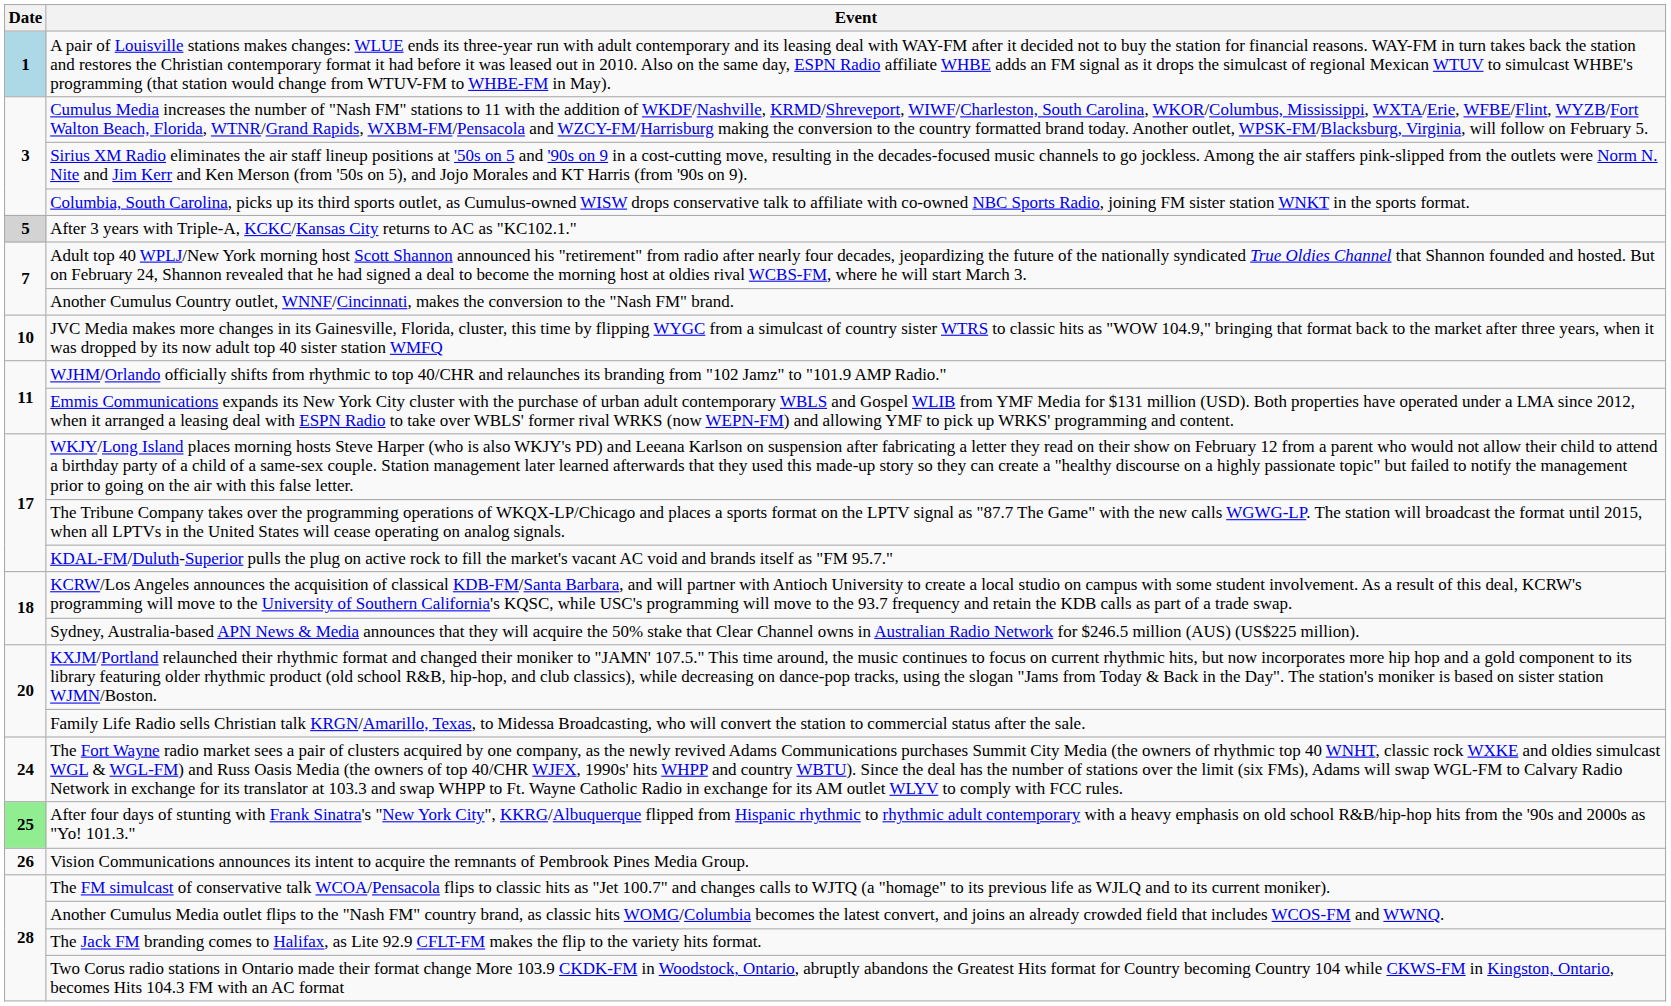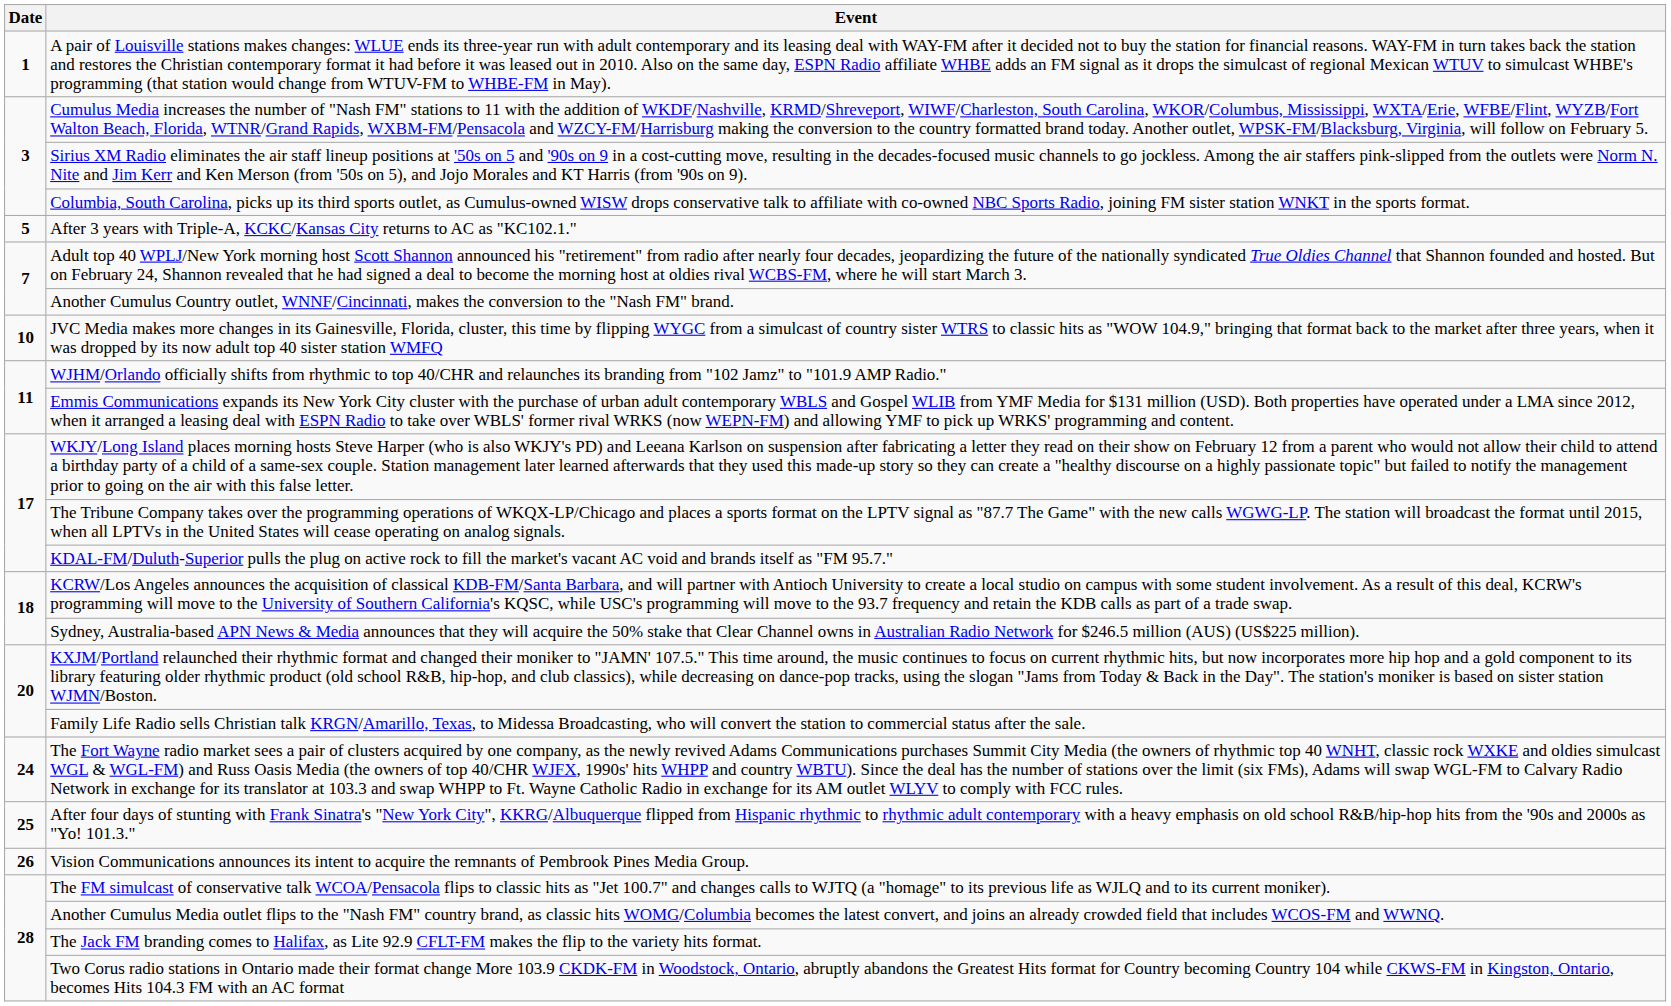 <table class="wikitable">
 <tr>
 <th>Date</th>
 <th>Event</th>
 </tr>
 <tr>
-<td style="background: lightblue; text-align:center;"><strong>1</strong></td>
+<td style="text-align:center;"><strong>1</strong></td>
 <td>A pair of <a href='#'>Louisville</a> stations makes changes: <a href='#'>WLUE</a> ends its three-year run with adult contemporary and its leasing deal with WAY-FM after it decided not to buy the station for financial reasons. WAY-FM in turn takes back the station and restores the Christian contemporary format it had before it was leased out in 2010. Also on the same day, <a href='#'>ESPN Radio</a> affiliate <a href='#'>WHBE</a> adds an FM signal as it drops the simulcast of regional Mexican <a href='#'>WTUV</a> to simulcast WHBE's programming (that station would change from WTUV-FM to <a href='#'>WHBE-FM</a> in May).</td>
 </tr>
 <tr>
 <td style="text-align:center;" rowspan=3><strong>3</strong></td>
 <td><a href='#'>Cumulus Media</a> increases the number of "Nash FM" stations to 11 with the addition of <a href='#'>WKDF</a>/<a href='#'>Nashville</a>, <a href='#'>KRMD</a>/<a href='#'>Shreveport</a>, <a href='#'>WIWF</a>/<a href='#'>Charleston, South Carolina</a>, <a href='#'>WKOR</a>/<a href='#'>Columbus, Mississippi</a>, <a href='#'>WXTA</a>/<a href='#'>Erie</a>, <a href='#'>WFBE</a>/<a href='#'>Flint</a>, <a href='#'>WYZB</a>/<a href='#'>Fort Walton Beach, Florida</a>, <a href='#'>WTNR</a>/<a href='#'>Grand Rapids</a>, <a href='#'>WXBM-FM</a>/<a href='#'>Pensacola</a> and <a href='#'>WZCY-FM</a>/<a href='#'>Harrisburg</a> making the conversion to the country formatted brand today. Another outlet, <a href='#'>WPSK-FM</a>/<a href='#'>Blacksburg, Virginia</a>, will follow on February 5.</td>
 </tr>
 <tr>
 <td><a href='#'>Sirius XM Radio</a> eliminates the air staff lineup positions at <a href='#'>'50s on 5</a> and <a href='#'>'90s on 9</a> in a cost-cutting move, resulting in the decades-focused music channels to go jockless. Among the air staffers pink-slipped from the outlets were <a href='#'>Norm N. Nite</a> and <a href='#'>Jim Kerr</a> and Ken Merson (from '50s on 5), and Jojo Morales and KT Harris (from '90s on 9).</td>
 </tr>
 <tr>
 <td><a href='#'>Columbia, South Carolina</a>, picks up its third sports outlet, as Cumulus-owned <a href='#'>WISW</a> drops conservative talk to affiliate with co-owned <a href='#'>NBC Sports Radio</a>, joining FM sister station <a href='#'>WNKT</a> in the sports format.</td>
 </tr>
 <tr>
-<td style="background: lightgrey; text-align:center;"><strong>5</strong></td>
+<td style="text-align:center;"><strong>5</strong></td>
 <td>After 3 years with Triple-A, <a href='#'>KCKC</a>/<a href='#'>Kansas City</a> returns to AC as "KC102.1."</td>
 </tr>
 <tr>
 <td style="text-align:center;" rowspan=2><strong>7</strong></td>
 <td>Adult top 40 <a href='#'>WPLJ</a>/New York morning host <a href='#'>Scott Shannon</a> announced his "retirement" from radio after nearly four decades, jeopardizing the future of the nationally syndicated <em><a href='#'>True Oldies Channel</a></em> that Shannon founded and hosted. But on February 24, Shannon revealed that he had signed a deal to become the morning host at oldies rival <a href='#'>WCBS-FM</a>, where he will start March 3.</td>
 </tr>
 <tr>
 <td>Another Cumulus Country outlet, <a href='#'>WNNF</a>/<a href='#'>Cincinnati</a>, makes the conversion to the "Nash FM" brand.</td>
 </tr>
 <tr>
 <td style="text-align:center;"><strong>10</strong></td>
 <td>JVC Media makes more changes in its Gainesville, Florida, cluster, this time by flipping <a href='#'>WYGC</a> from a simulcast of country sister <a href='#'>WTRS</a> to classic hits as "WOW 104.9," bringing that format back to the market after three years, when it was dropped by its now adult top 40 sister station <a href='#'>WMFQ</a></td>
 </tr>
 <tr>
 <td style="text-align:center;" rowspan=2><strong>11</strong></td>
 <td><a href='#'>WJHM</a>/<a href='#'>Orlando</a> officially shifts from rhythmic to top 40/CHR and relaunches its branding from "102 Jamz" to "101.9 AMP Radio."</td>
 </tr>
 <tr>
 <td><a href='#'>Emmis Communications</a> expands its New York City cluster with the purchase of urban adult contemporary <a href='#'>WBLS</a> and Gospel <a href='#'>WLIB</a> from YMF Media for $131 million (USD). Both properties have operated under a LMA since 2012, when it arranged a leasing deal with <a href='#'>ESPN Radio</a> to take over WBLS' former rival WRKS (now <a href='#'>WEPN-FM</a>) and allowing YMF to pick up WRKS' programming and content.</td>
 </tr>
 <tr>
 <td style="text-align:center;" rowspan=3><strong>17</strong></td>
 <td><a href='#'>WKJY</a>/<a href='#'>Long Island</a> places morning hosts Steve Harper (who is also WKJY's PD) and Leeana Karlson on suspension after fabricating a letter they read on their show on February 12 from a parent who would not allow their child to attend a birthday party of a child of a same-sex couple. Station management later learned afterwards that they used this made-up story so they can create a "healthy discourse on a highly passionate topic" but failed to notify the management prior to going on the air with this false letter.</td>
 </tr>
 <tr>
 <td>The Tribune Company takes over the programming operations of WKQX-LP/Chicago and places a sports format on the LPTV signal as "87.7 The Game" with the new calls <a href='#'>WGWG-LP</a>. The station will broadcast the format until 2015, when all LPTVs in the United States will cease operating on analog signals.</td>
 </tr>
 <tr>
 <td><a href='#'>KDAL-FM</a>/<a href='#'>Duluth</a>-<a href='#'>Superior</a> pulls the plug on active rock to fill the market's vacant AC void and brands itself as "FM 95.7."</td>
 </tr>
 <tr>
 <td style="text-align:center;" rowspan=2><strong>18</strong></td>
 <td><a href='#'>KCRW</a>/Los Angeles announces the acquisition of classical <a href='#'>KDB-FM</a>/<a href='#'>Santa Barbara</a>, and will partner with Antioch University to create a local studio on campus with some student involvement. As a result of this deal, KCRW's programming will move to the <a href='#'>University of Southern California</a>'s KQSC, while USC's programming will move to the 93.7 frequency and retain the KDB calls as part of a trade swap.</td>
 </tr>
 <tr>
 <td>Sydney, Australia-based <a href='#'>APN News & Media</a> announces that they will acquire the 50% stake that Clear Channel owns in <a href='#'>Australian Radio Network</a> for $246.5 million (AUS) (US$225 million).</td>
 </tr>
 <tr>
 <td style="text-align:center;" rowspan=2><strong>20</strong></td>
 <td><a href='#'>KXJM</a>/<a href='#'>Portland</a> relaunched their rhythmic format and changed their moniker to "JAMN' 107.5." This time around, the music continues to focus on current rhythmic hits, but now incorporates more hip hop and a gold component to its library featuring older rhythmic product (old school R&B, hip-hop, and club classics), while decreasing on dance-pop tracks, using the slogan "Jams from Today & Back in the Day". The station's moniker is based on sister station <a href='#'>WJMN</a>/Boston.</td>
 </tr>
 <tr>
 <td>Family Life Radio sells Christian talk <a href='#'>KRGN</a>/<a href='#'>Amarillo, Texas</a>, to Midessa Broadcasting, who will convert the station to commercial status after the sale.</td>
 </tr>
 <tr>
 <td style="text-align:center;"><strong>24</strong></td>
 <td>The <a href='#'>Fort Wayne</a> radio market sees a pair of clusters acquired by one company, as the newly revived Adams Communications purchases Summit City Media (the owners of rhythmic top 40 <a href='#'>WNHT</a>, classic rock <a href='#'>WXKE</a> and oldies simulcast <a href='#'>WGL</a>  & <a href='#'>WGL-FM</a>) and Russ Oasis Media (the owners of top 40/CHR <a href='#'>WJFX</a>, 1990s' hits <a href='#'>WHPP</a> and country <a href='#'>WBTU</a>). Since the deal has the number of stations over the limit (six FMs), Adams will swap WGL-FM to Calvary Radio Network in exchange for its translator at 103.3 and swap WHPP to Ft. Wayne Catholic Radio in exchange for its AM outlet <a href='#'>WLYV</a> to comply with FCC rules.</td>
 </tr>
 <tr>
-<td style="background: lightgreen; text-align:center;"><strong>25</strong></td>
+<td style="text-align:center;"><strong>25</strong></td>
 <td>After four days of stunting with <a href='#'>Frank Sinatra</a>'s "<a href='#'>New York City</a>", <a href='#'>KKRG</a>/<a href='#'>Albuquerque</a> flipped from <a href='#'>Hispanic rhythmic</a> to <a href='#'>rhythmic adult contemporary</a> with a heavy emphasis on old school R&B/hip-hop hits from the '90s and 2000s as "Yo! 101.3."</td>
 </tr>
 <tr>
 <td style="text-align:center;"><strong>26</strong></td>
 <td>Vision Communications announces its intent to acquire the remnants of Pembrook Pines Media Group.</td>
 </tr>
 <tr>
 <td style="text-align:center;" rowspan=4><strong>28</strong></td>
 <td>The <a href='#'>FM simulcast</a> of conservative talk <a href='#'>WCOA</a>/<a href='#'>Pensacola</a> flips to classic hits as "Jet 100.7" and changes calls to WJTQ (a "homage" to its previous life as WJLQ and to its current moniker).</td>
 </tr>
 <tr>
 <td>Another Cumulus Media outlet flips to the "Nash FM" country brand, as classic hits <a href='#'>WOMG</a>/<a href='#'>Columbia</a> becomes the latest convert, and joins an already crowded field that includes <a href='#'>WCOS-FM</a> and <a href='#'>WWNQ</a>.</td>
 </tr>
 <tr>
 <td>The <a href='#'>Jack FM</a> branding comes to <a href='#'>Halifax</a>, as Lite 92.9 <a href='#'>CFLT-FM</a> makes the flip to the variety hits format.</td>
 </tr>
 <tr>
 <td>Two Corus radio stations in Ontario made their format change More 103.9 <a href='#'>CKDK-FM</a> in <a href='#'>Woodstock, Ontario</a>, abruptly abandons the Greatest Hits format for Country becoming Country 104 while <a href='#'>CKWS-FM</a> in <a href='#'>Kingston, Ontario</a>, becomes Hits 104.3 FM with an AC format</td>
 </tr>
 </table>
